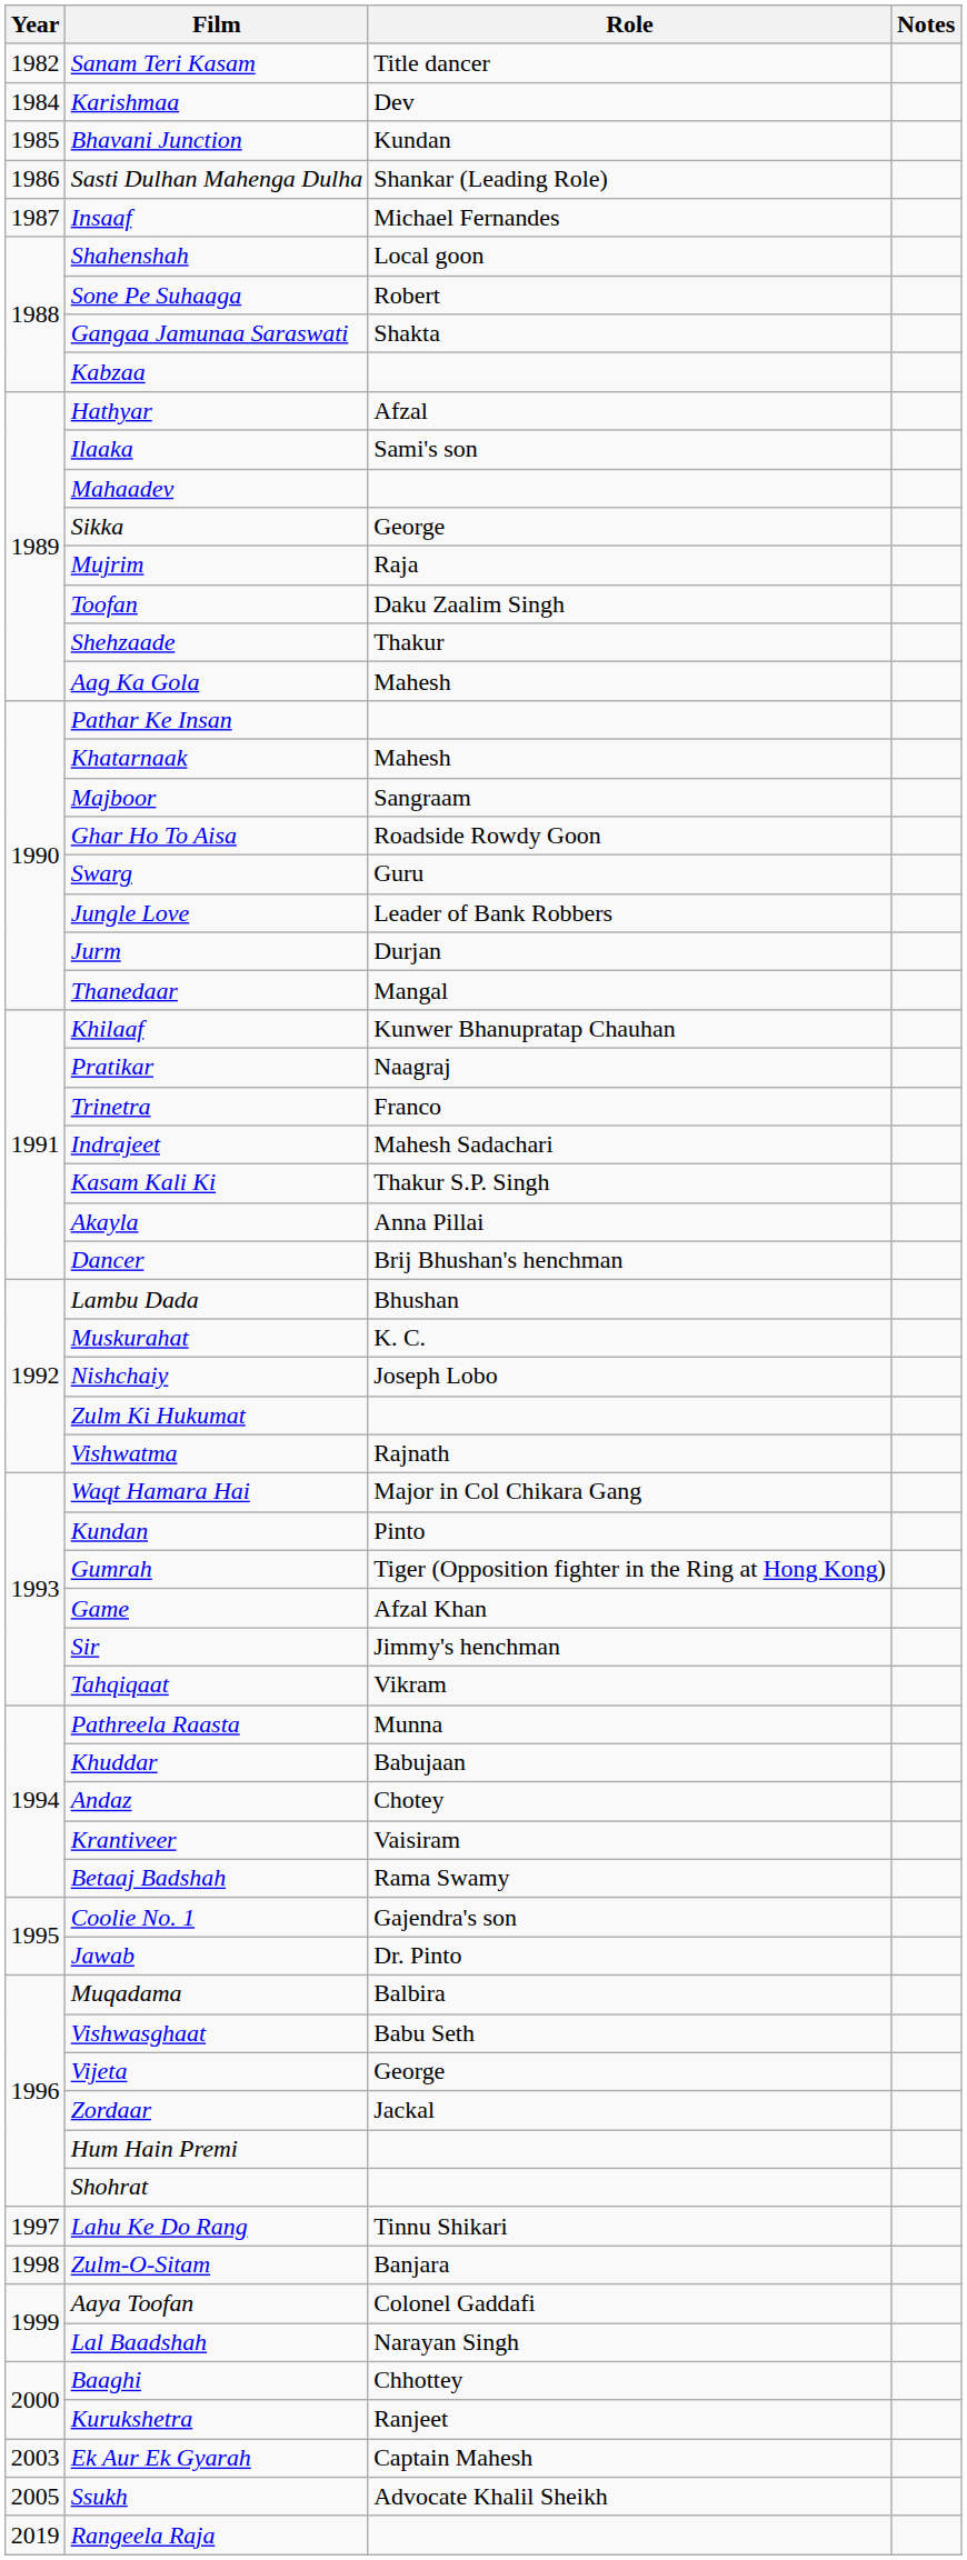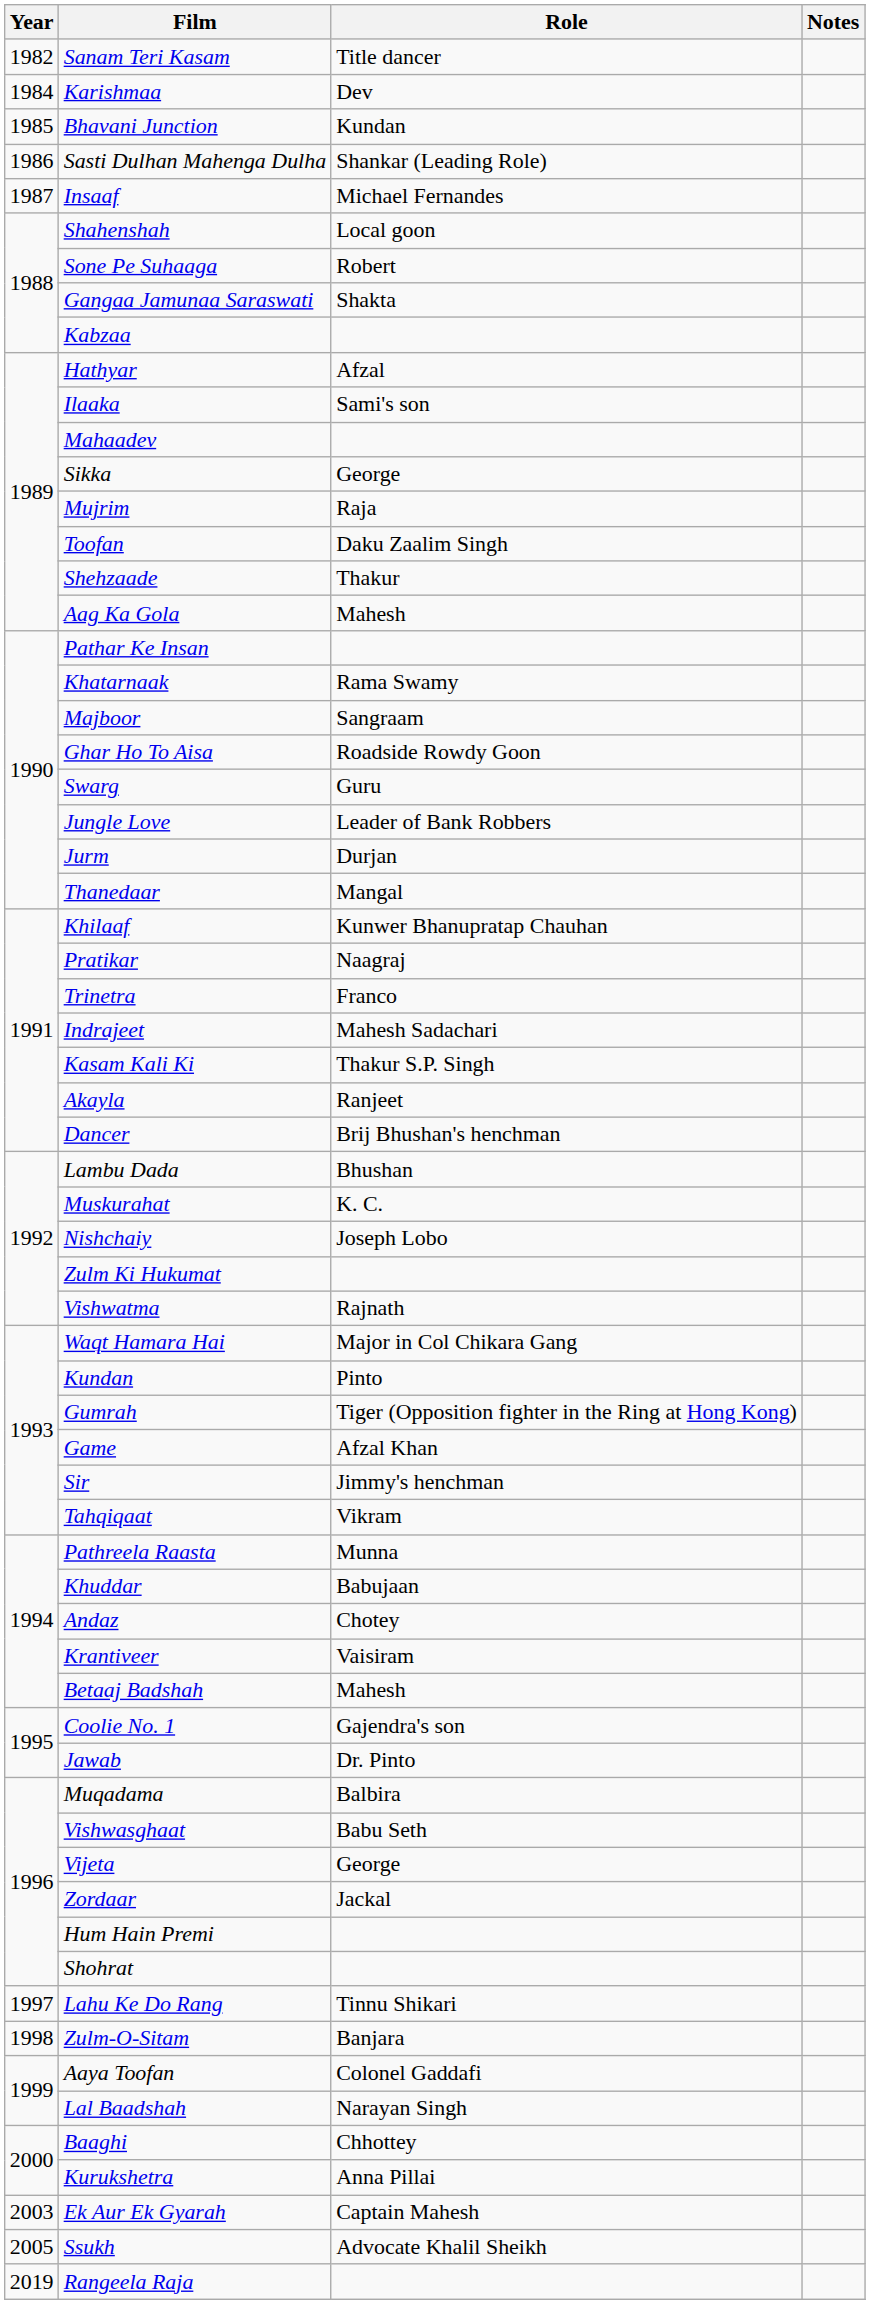 <table class="wikitable sortable">
 <tr>
 <th>Year</th>
 <th>Film</th>
 <th>Role</th>
 <th class=unsortable>Notes</th>
 </tr>
 <tr>
 <td>1982</td>
 <td><em><a href='#'>Sanam Teri Kasam</a></em></td>
 <td>Title dancer</td>
 <td></td>
 </tr>
 <tr>
 <td>1984</td>
 <td><em><a href='#'>Karishmaa</a></em></td>
 <td>Dev</td>
 <td></td>
 </tr>
 <tr>
 <td>1985</td>
 <td><em><a href='#'>Bhavani Junction</a></em></td>
 <td>Kundan</td>
 <td></td>
 </tr>
 <tr>
 <td>1986</td>
 <td><em>Sasti Dulhan Mahenga Dulha</em></td>
 <td>Shankar (Leading Role)</td>
 <td></td>
 </tr>
 <tr>
 <td>1987</td>
 <td><em><a href='#'>Insaaf</a></em></td>
 <td>Michael Fernandes</td>
 <td></td>
 </tr>
 <tr>
 <td rowspan="4">1988</td>
 <td><em><a href='#'>Shahenshah</a></em></td>
 <td>Local goon</td>
 <td></td>
 </tr>
 <tr>
 <td><em><a href='#'>Sone Pe Suhaaga</a></em></td>
 <td>Robert</td>
 <td></td>
 </tr>
 <tr>
 <td><em><a href='#'>Gangaa Jamunaa Saraswati</a></em></td>
 <td>Shakta</td>
 <td></td>
 </tr>
 <tr>
 <td><em><a href='#'>Kabzaa</a></em></td>
 <td></td>
 <td></td>
 </tr>
 <tr>
 <td rowspan="8">1989</td>
 <td><em><a href='#'>Hathyar</a></em></td>
 <td>Afzal</td>
 <td></td>
 </tr>
 <tr>
 <td><em><a href='#'>Ilaaka</a></em></td>
 <td>Sami's son</td>
 <td></td>
 </tr>
 <tr>
 <td><em><a href='#'>Mahaadev</a></em></td>
 <td></td>
 <td></td>
 </tr>
 <tr>
 <td><em>Sikka</em></td>
 <td>George</td>
 <td></td>
 </tr>
 <tr>
 <td><em><a href='#'>Mujrim</a></em></td>
 <td>Raja</td>
 <td></td>
 </tr>
 <tr>
 <td><em><a href='#'>Toofan</a></em></td>
 <td>Daku Zaalim Singh</td>
 <td></td>
 </tr>
 <tr>
 <td><em><a href='#'>Shehzaade</a></em></td>
 <td>Thakur</td>
 <td></td>
 </tr>
 <tr>
 <td><em><a href='#'>Aag Ka Gola</a></em></td>
 <td>Mahesh</td>
 <td></td>
 </tr>
 <tr>
 <td rowspan="8">1990</td>
 <td><em><a href='#'>Pathar Ke Insan</a></em></td>
 <td></td>
 <td></td>
 </tr>
 <tr>
 <td><em><a href='#'>Khatarnaak</a></em></td>
-<td>Mahesh</td>
+<td>Rama Swamy</td>
 <td></td>
 </tr>
 <tr>
 <td><em><a href='#'>Majboor</a></em></td>
 <td>Sangraam</td>
 <td></td>
 </tr>
 <tr>
 <td><em><a href='#'>Ghar Ho To Aisa</a></em></td>
 <td>Roadside Rowdy Goon</td>
 <td></td>
 </tr>
 <tr>
 <td><em><a href='#'>Swarg</a></em></td>
 <td>Guru</td>
 <td></td>
 </tr>
 <tr>
 <td><em><a href='#'>Jungle Love</a></em></td>
 <td>Leader of Bank Robbers</td>
 <td></td>
 </tr>
 <tr>
 <td><em><a href='#'>Jurm</a></em></td>
 <td>Durjan</td>
 <td></td>
 </tr>
 <tr>
 <td><em><a href='#'>Thanedaar</a></em></td>
 <td>Mangal</td>
 <td></td>
 </tr>
 <tr>
 <td rowspan="7">1991</td>
 <td><em><a href='#'>Khilaaf</a></em></td>
 <td>Kunwer Bhanupratap Chauhan</td>
 <td></td>
 </tr>
 <tr>
 <td><em><a href='#'>Pratikar</a></em></td>
 <td>Naagraj</td>
 <td></td>
 </tr>
 <tr>
 <td><em><a href='#'>Trinetra</a></em></td>
 <td>Franco</td>
 <td></td>
 </tr>
 <tr>
 <td><em><a href='#'>Indrajeet</a></em></td>
 <td>Mahesh Sadachari</td>
 <td></td>
 </tr>
 <tr>
 <td><em><a href='#'>Kasam Kali Ki</a></em></td>
 <td>Thakur S.P. Singh</td>
 <td></td>
 </tr>
 <tr>
 <td><em><a href='#'>Akayla</a></em></td>
-<td>Anna Pillai</td>
+<td>Ranjeet</td>
 <td></td>
 </tr>
 <tr>
 <td><em><a href='#'>Dancer</a></em></td>
 <td>Brij Bhushan's henchman</td>
 <td></td>
 </tr>
 <tr>
 <td rowspan="5">1992</td>
 <td><em>Lambu Dada</em></td>
 <td>Bhushan</td>
 <td></td>
 </tr>
 <tr>
 <td><em><a href='#'>Muskurahat</a></em></td>
 <td>K. C.</td>
 <td></td>
 </tr>
 <tr>
 <td><em><a href='#'>Nishchaiy</a></em></td>
 <td>Joseph Lobo</td>
 <td></td>
 </tr>
 <tr>
 <td><em><a href='#'>Zulm Ki Hukumat</a></em></td>
 <td></td>
 <td></td>
 </tr>
 <tr>
 <td><em><a href='#'>Vishwatma</a></em></td>
 <td>Rajnath</td>
 <td></td>
 </tr>
 <tr>
 <td rowspan="6">1993</td>
 <td><em><a href='#'>Waqt Hamara Hai</a></em></td>
 <td>Major in Col Chikara Gang</td>
 <td></td>
 </tr>
 <tr>
 <td><em><a href='#'>Kundan</a></em></td>
 <td>Pinto</td>
 <td></td>
 </tr>
 <tr>
 <td><em><a href='#'>Gumrah</a></em></td>
 <td>Tiger (Opposition fighter in the Ring at <a href='#'>Hong Kong</a>)</td>
 <td></td>
 </tr>
 <tr>
 <td><em><a href='#'>Game</a></em></td>
 <td>Afzal Khan</td>
 <td></td>
 </tr>
 <tr>
 <td><em><a href='#'>Sir</a></em></td>
 <td>Jimmy's henchman</td>
 <td></td>
 </tr>
 <tr>
 <td><em><a href='#'>Tahqiqaat</a></em></td>
 <td>Vikram</td>
 <td></td>
 </tr>
 <tr>
 <td rowspan="5">1994</td>
 <td><em><a href='#'>Pathreela Raasta</a></em></td>
 <td>Munna</td>
 <td></td>
 </tr>
 <tr>
 <td><em><a href='#'>Khuddar</a></em></td>
 <td>Babujaan</td>
 <td></td>
 </tr>
 <tr>
 <td><em><a href='#'>Andaz</a></em></td>
 <td>Chotey</td>
 <td></td>
 </tr>
 <tr>
 <td><em><a href='#'>Krantiveer</a></em></td>
 <td>Vaisiram</td>
 <td></td>
 </tr>
 <tr>
 <td><em><a href='#'>Betaaj Badshah</a></em></td>
-<td>Rama Swamy</td>
+<td>Mahesh</td>
 <td></td>
 </tr>
 <tr>
 <td rowspan="2">1995</td>
 <td><em><a href='#'>Coolie No. 1</a></em></td>
 <td>Gajendra's son</td>
 <td></td>
 </tr>
 <tr>
 <td><em><a href='#'>Jawab</a></em></td>
 <td>Dr. Pinto</td>
 <td></td>
 </tr>
 <tr>
 <td rowspan="6">1996</td>
 <td><em>Muqadama</em></td>
 <td>Balbira</td>
 <td></td>
 </tr>
 <tr>
 <td><em><a href='#'>Vishwasghaat</a></em></td>
 <td>Babu Seth</td>
 <td></td>
 </tr>
 <tr>
 <td><em><a href='#'>Vijeta</a></em></td>
 <td>George</td>
 <td></td>
 </tr>
 <tr>
 <td><em><a href='#'>Zordaar</a></em></td>
 <td>Jackal</td>
 <td></td>
 </tr>
 <tr>
 <td><em>Hum Hain Premi</em></td>
 <td></td>
 <td></td>
 </tr>
 <tr>
 <td><em>Shohrat</em></td>
 <td></td>
 <td></td>
 </tr>
 <tr>
 <td>1997</td>
 <td><em><a href='#'>Lahu Ke Do Rang</a></em></td>
 <td>Tinnu Shikari</td>
 <td></td>
 </tr>
 <tr>
 <td>1998</td>
 <td><em><a href='#'>Zulm-O-Sitam</a></em></td>
 <td>Banjara</td>
 <td></td>
 </tr>
 <tr>
 <td rowspan="2">1999</td>
 <td><em>Aaya Toofan</em></td>
 <td>Colonel Gaddafi</td>
 <td></td>
 </tr>
 <tr>
 <td><em><a href='#'>Lal Baadshah</a></em></td>
 <td>Narayan Singh</td>
 <td></td>
 </tr>
 <tr>
 <td rowspan="2">2000</td>
 <td><em><a href='#'>Baaghi</a></em></td>
 <td>Chhottey</td>
 <td></td>
 </tr>
 <tr>
 <td><em><a href='#'>Kurukshetra</a></em></td>
-<td>Ranjeet</td>
+<td>Anna Pillai</td>
 <td></td>
 </tr>
 <tr>
 <td>2003</td>
 <td><em><a href='#'>Ek Aur Ek Gyarah</a></em></td>
 <td>Captain Mahesh</td>
 <td></td>
 </tr>
 <tr>
 <td>2005</td>
 <td><em><a href='#'>Ssukh</a></em></td>
 <td>Advocate Khalil Sheikh</td>
 <td></td>
 </tr>
 <tr>
 <td>2019</td>
 <td><em><a href='#'>Rangeela Raja</a></em></td>
 <td></td>
 <td></td>
 </tr>
 <tr>
 </tr>
 </table>
